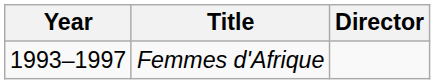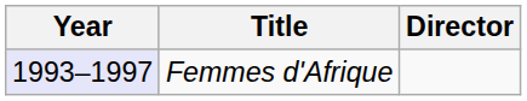 <table class="wikitable sortable">
 <tr>
 <th>Year</th>
 <th>Title</th>
 <th>Director</th>
 </tr>
 <tr>
-<td>1993–1997</td>
+<td style="background: lavender;">1993–1997</td>
 <td><em>Femmes d'Afrique</em></td>
 </tr>
 </table>
